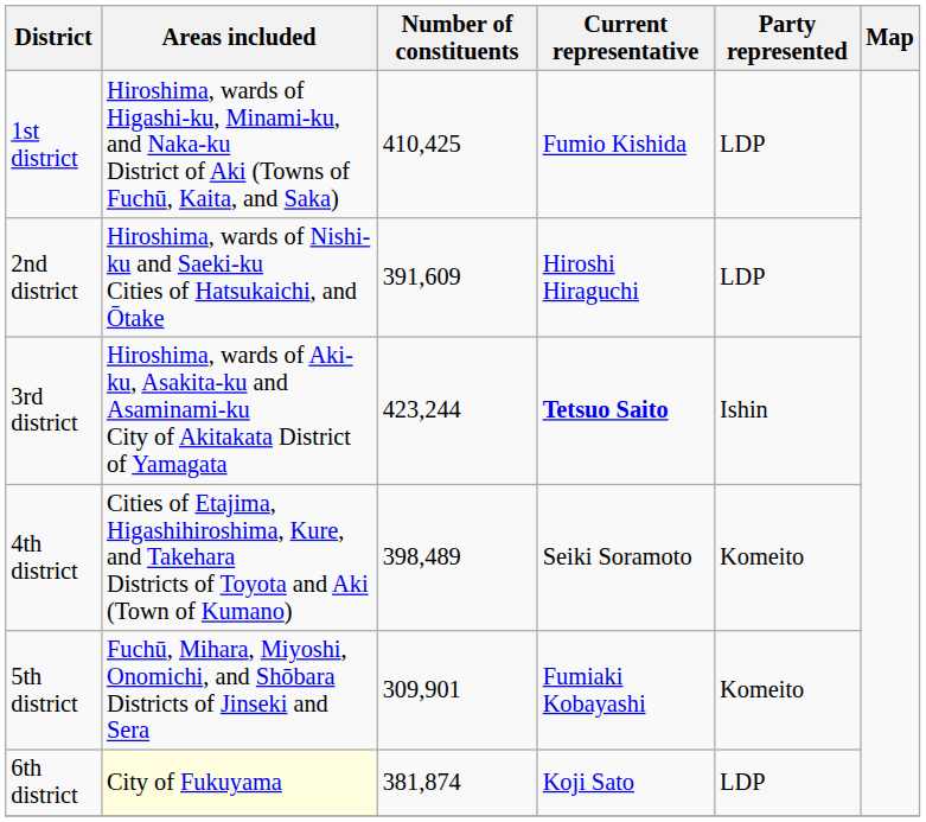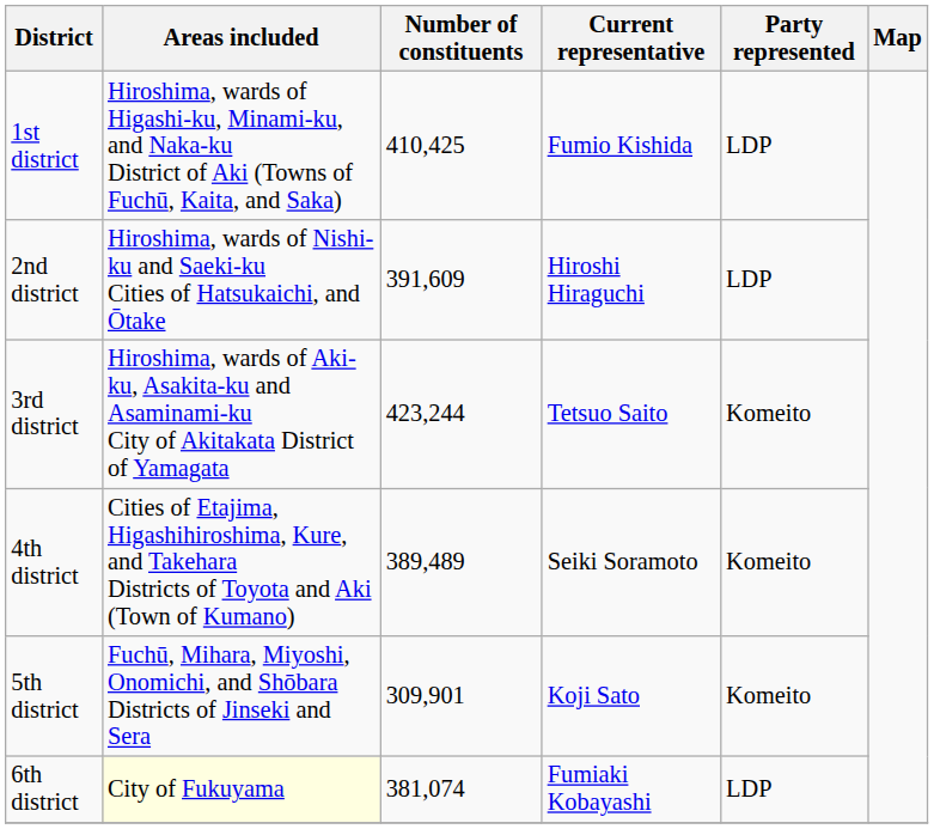 <table class="wikitable">
 <tr>
 <th>District</th>
 <th>Areas included</th>
 <th>Number of constituents</th>
 <th>Current representative</th>
 <th>Party represented</th>
 <th>Map</th>
 </tr>
 <tr>
 <td><a href='#'>1st district</a></td>
 <td><a href='#'>Hiroshima</a>, wards of <a href='#'>Higashi-ku</a>, <a href='#'>Minami-ku</a>, and <a href='#'>Naka-ku</a><br>District of <a href='#'>Aki</a> (Towns of <a href='#'>Fuchū</a>, <a href='#'>Kaita</a>, and <a href='#'>Saka</a>)</td>
 <td>410,425</td>
 <td><a href='#'>Fumio Kishida</a></td>
 <td>LDP</td>
 <td rowspan="6"></td>
 </tr>
 <tr>
 <td>2nd district</td>
 <td><a href='#'>Hiroshima</a>, wards of <a href='#'>Nishi-ku</a> and <a href='#'>Saeki-ku</a><br>Cities of <a href='#'>Hatsukaichi</a>, and <a href='#'>Ōtake</a></td>
 <td>391,609</td>
 <td><a href='#'>Hiroshi Hiraguchi</a></td>
 <td>LDP</td>
 </tr>
 <tr>
 <td>3rd district</td>
 <td><a href='#'>Hiroshima</a>, wards of <a href='#'>Aki-ku</a>, <a href='#'>Asakita-ku</a> and <a href='#'>Asaminami-ku</a><br>City of <a href='#'>Akitakata</a> District of <a href='#'>Yamagata</a></td>
 <td>423,244</td>
-<td><strong><a href='#'>Tetsuo Saito</a></strong></td>
-<td>Ishin</td>
+<td><a href='#'>Tetsuo Saito</a></td>
+<td>Komeito</td>
 </tr>
 <tr>
 <td>4th district</td>
 <td>Cities of <a href='#'>Etajima</a>, <a href='#'>Higashihiroshima</a>, <a href='#'>Kure</a>, and <a href='#'>Takehara</a><br>Districts of <a href='#'>Toyota</a> and <a href='#'>Aki</a> (Town of <a href='#'>Kumano</a>)</td>
-<td>398,489</td>
+<td>389,489</td>
 <td>Seiki Soramoto</td>
 <td>Komeito</td>
 </tr>
 <tr>
 <td>5th district</td>
 <td><a href='#'>Fuchū</a>, <a href='#'>Mihara</a>, <a href='#'>Miyoshi</a>, <a href='#'>Onomichi</a>, and <a href='#'>Shōbara</a><br>Districts of <a href='#'>Jinseki</a> and <a href='#'>Sera</a></td>
 <td>309,901</td>
-<td><a href='#'>Fumiaki Kobayashi</a></td>
+<td><a href='#'>Koji Sato</a></td>
 <td>Komeito</td>
 </tr>
 <tr>
 <td>6th district</td>
 <td style="background: lightyellow;">City of <a href='#'>Fukuyama</a></td>
-<td>381,874</td>
-<td><a href='#'>Koji Sato</a></td>
+<td>381,074</td>
+<td><a href='#'>Fumiaki Kobayashi</a></td>
 <td>LDP</td>
 </tr>
 <tr>
 </tr>
 </table>
